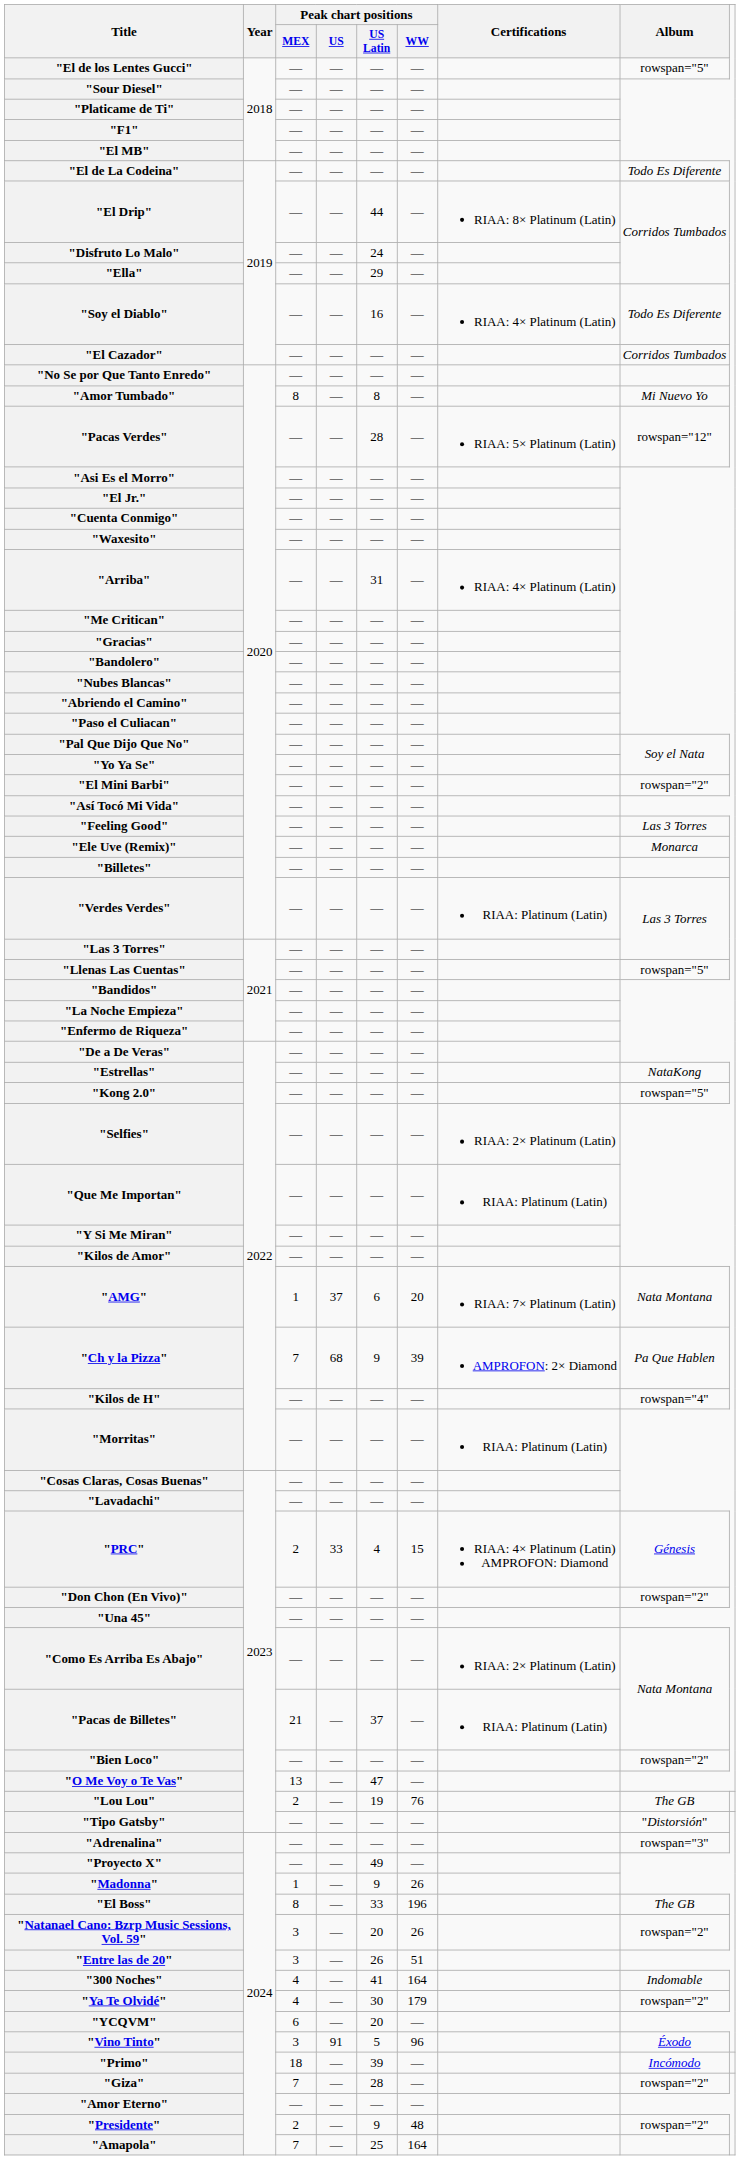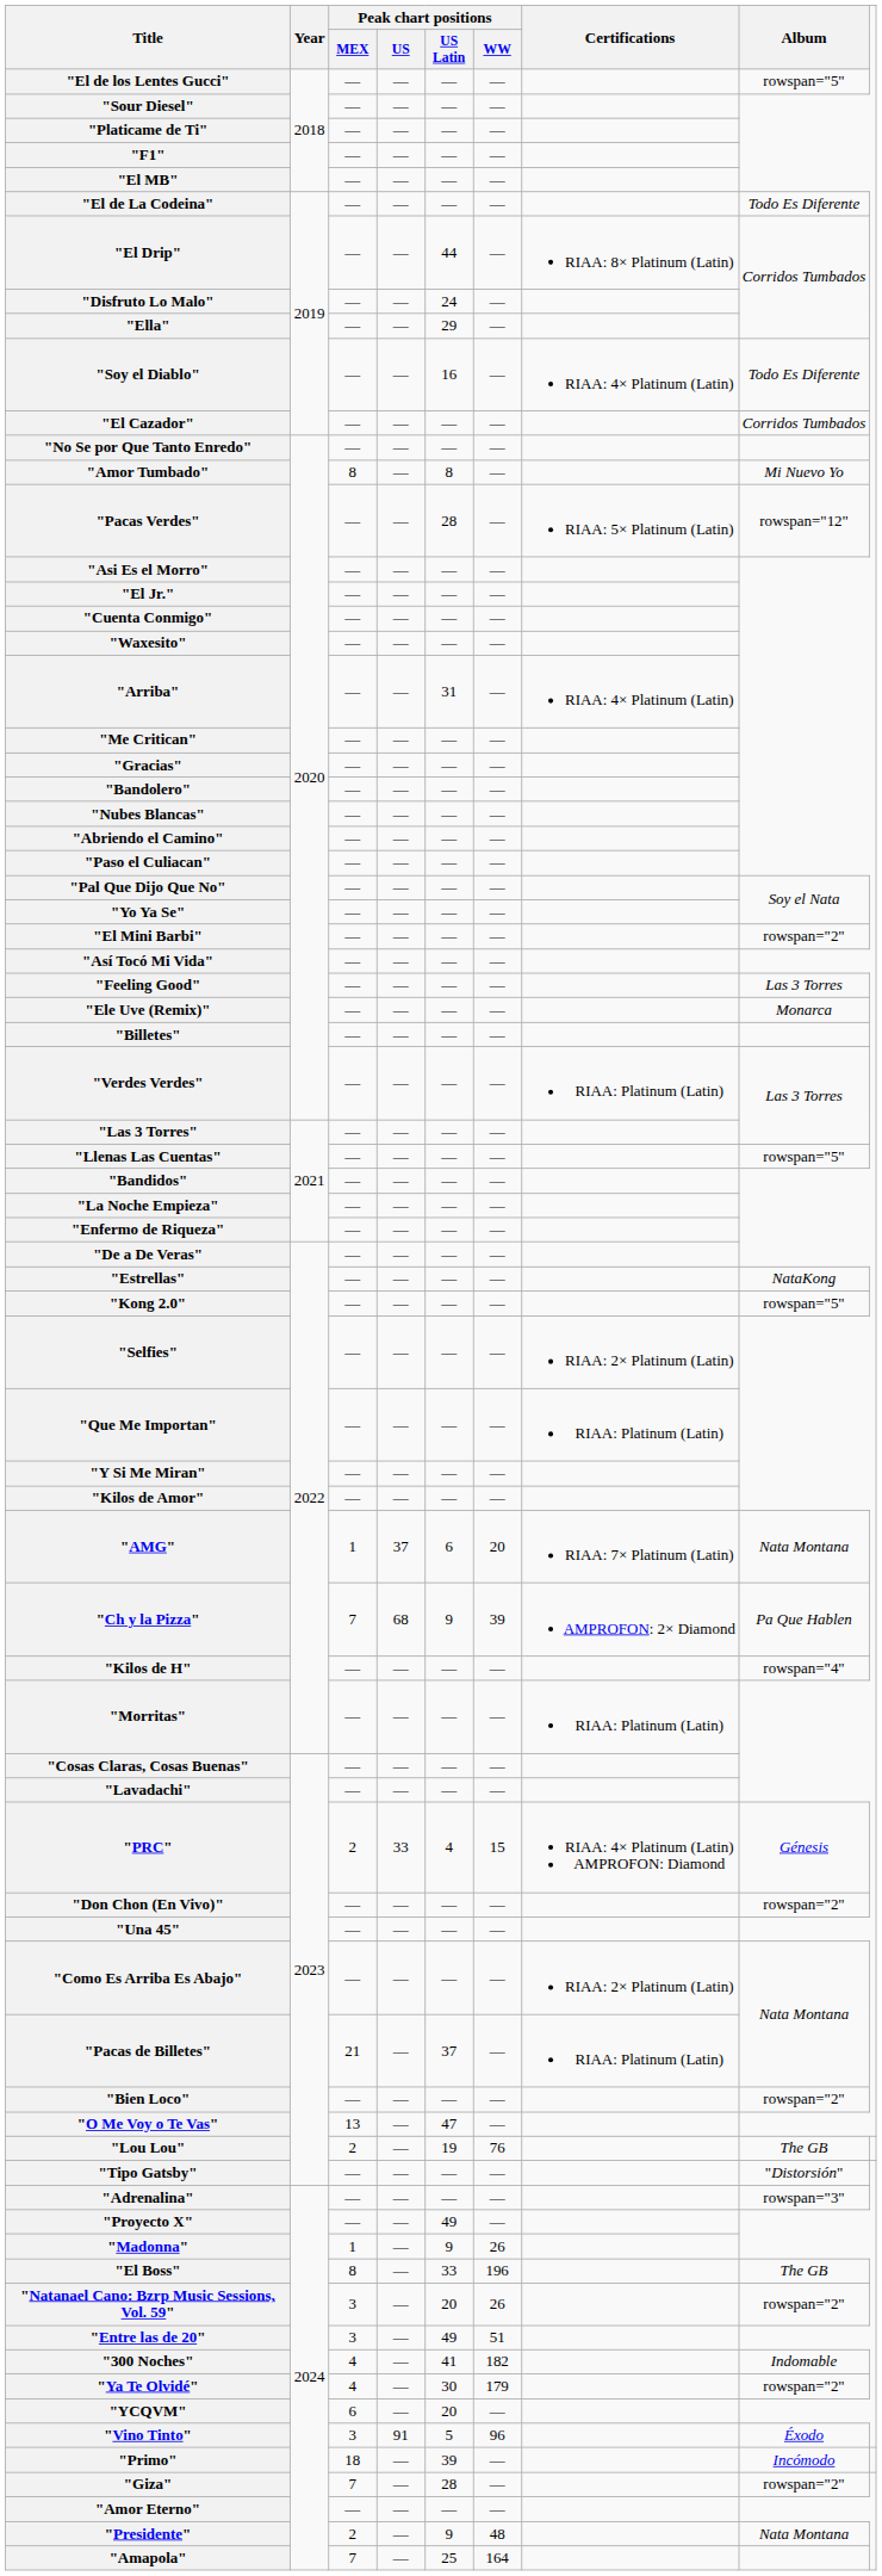 <table class="wikitable plainrowheaders" style="text-align:center;">
 <tr>
 <th scope="col" rowspan="2" style="width:18em;">Title</th>
 <th scope="col" rowspan="2" style="width:1em;">Year</th>
 <th scope="col" colspan="4">Peak chart positions</th>
 <th scope="col" rowspan="2">Certifications</th>
 <th scope="col" rowspan="2">Album</th>
 </tr>
 <tr>
 <th scope="col" style="width:3em;font-size:90%;"><a href='#'>MEX</a><br></th>
 <th scope="col" style="width:3em;font-size:90%;"><a href='#'>US</a><br></th>
 <th scope="col" style="width:3em;font-size:90%;"><a href='#'>US<br>Latin</a><br></th>
 <th scope="col" style="width:3em;font-size:90%;"><a href='#'>WW</a><br></th>
 </tr>
 <tr>
 <th scope="row">"El de los Lentes Gucci"</th>
 <td rowspan="5">2018</td>
 <td>—</td>
 <td>—</td>
 <td>—</td>
 <td>—</td>
 <td></td>
 <td>rowspan="5" </td>
 </tr>
 <tr>
 <th scope="row">"Sour Diesel"</th>
 <td>—</td>
 <td>—</td>
 <td>—</td>
 <td>—</td>
 <td></td>
 </tr>
 <tr>
 <th scope="row">"Platicame de Ti"</th>
 <td>—</td>
 <td>—</td>
 <td>—</td>
 <td>—</td>
 <td></td>
 </tr>
 <tr>
 <th scope="row">"F1"</th>
 <td>—</td>
 <td>—</td>
 <td>—</td>
 <td>—</td>
 <td></td>
 </tr>
 <tr>
 <th scope="row">"El MB"</th>
 <td>—</td>
 <td>—</td>
 <td>—</td>
 <td>—</td>
 <td></td>
 </tr>
 <tr>
 <th scope="row">"El de La Codeina"</th>
 <td rowspan="6">2019</td>
 <td>—</td>
 <td>—</td>
 <td>—</td>
 <td>—</td>
 <td></td>
 <td><em>Todo Es Diferente</em></td>
 </tr>
 <tr>
 <th scope="row">"El Drip"</th>
 <td>—</td>
 <td>—</td>
 <td>44</td>
 <td>—</td>
 <td><br><ul><li>RIAA: 8× Platinum (Latin)</li></ul></td>
 <td rowspan="3"><em>Corridos Tumbados</em></td>
 </tr>
 <tr>
 <th scope="row">"Disfruto Lo Malo"<br></th>
 <td>—</td>
 <td>—</td>
 <td>24</td>
 <td>—</td>
 <td></td>
 </tr>
 <tr>
 <th scope="row">"Ella"<br></th>
 <td>—</td>
 <td>—</td>
 <td>29</td>
 <td>—</td>
 <td></td>
 </tr>
 <tr>
 <th scope="row">"Soy el Diablo"<br></th>
 <td>—</td>
 <td>—</td>
 <td>16</td>
 <td>—</td>
 <td><br><ul><li>RIAA: 4× Platinum (Latin)</li></ul></td>
 <td><em>Todo Es Diferente</em></td>
 </tr>
 <tr>
 <th scope="row">"El Cazador"</th>
 <td>—</td>
 <td>—</td>
 <td>—</td>
 <td>—</td>
 <td></td>
 <td><em>Corridos Tumbados</em></td>
 </tr>
 <tr>
 <th scope="row">"No Se por Que Tanto Enredo"</th>
 <td rowspan="22">2020</td>
 <td>—</td>
 <td>—</td>
 <td>—</td>
 <td>—</td>
 <td></td>
 <td></td>
 </tr>
 <tr>
 <th scope="row">"Amor Tumbado"<br></th>
 <td>8</td>
 <td>—</td>
 <td>8</td>
 <td>—</td>
 <td></td>
 <td><em>Mi Nuevo Yo</em></td>
 </tr>
 <tr>
 <th scope="row">"Pacas Verdes"<br></th>
 <td>—</td>
 <td>—</td>
 <td>28</td>
 <td>—</td>
 <td><br><ul><li>RIAA: 5× Platinum (Latin)</li></ul></td>
 <td>rowspan="12" </td>
 </tr>
 <tr>
 <th scope="row">"Asi Es el Morro"</th>
 <td>—</td>
 <td>—</td>
 <td>—</td>
 <td>—</td>
 <td></td>
 </tr>
 <tr>
 <th scope="row">"El Jr."</th>
 <td>—</td>
 <td>—</td>
 <td>—</td>
 <td>—</td>
 <td></td>
 </tr>
 <tr>
 <th scope="row">"Cuenta Conmigo"<br></th>
 <td>—</td>
 <td>—</td>
 <td>—</td>
 <td>—</td>
 <td></td>
 </tr>
 <tr>
 <th scope="row">"Waxesito"</th>
 <td>—</td>
 <td>—</td>
 <td>—</td>
 <td>—</td>
 <td></td>
 </tr>
 <tr>
 <th scope="row">"Arriba"</th>
 <td>—</td>
 <td>—</td>
 <td>31</td>
 <td>—</td>
 <td><br><ul><li>RIAA: 4× Platinum (Latin)</li></ul></td>
 </tr>
 <tr>
 <th scope="row">"Me Critican"</th>
 <td>—</td>
 <td>—</td>
 <td>—</td>
 <td>—</td>
 <td></td>
 </tr>
 <tr>
 <th scope="row">"Gracias"</th>
 <td>—</td>
 <td>—</td>
 <td>—</td>
 <td>—</td>
 <td></td>
 </tr>
 <tr>
 <th scope="row">"Bandolero"<br></th>
 <td>—</td>
 <td>—</td>
 <td>—</td>
 <td>—</td>
 <td></td>
 </tr>
 <tr>
 <th scope="row">"Nubes Blancas"</th>
 <td>—</td>
 <td>—</td>
 <td>—</td>
 <td>—</td>
 <td></td>
 </tr>
 <tr>
 <th scope="row">"Abriendo el Camino"</th>
 <td>—</td>
 <td>—</td>
 <td>—</td>
 <td>—</td>
 <td></td>
 </tr>
 <tr>
 <th scope="row">"Paso el Culiacan"<br></th>
 <td>—</td>
 <td>—</td>
 <td>—</td>
 <td>—</td>
 <td></td>
 </tr>
 <tr>
 <th scope="row">"Pal Que Dijo Que No"<br></th>
 <td>—</td>
 <td>—</td>
 <td>—</td>
 <td>—</td>
 <td></td>
 <td rowspan="2"><em>Soy el Nata</em></td>
 </tr>
 <tr>
 <th scope="row">"Yo Ya Se"</th>
 <td>—</td>
 <td>—</td>
 <td>—</td>
 <td>—</td>
 <td></td>
 </tr>
 <tr>
 <th scope="row">"El Mini Barbi"</th>
 <td>—</td>
 <td>—</td>
 <td>—</td>
 <td>—</td>
 <td></td>
 <td>rowspan="2" </td>
 </tr>
 <tr>
 <th scope="row">"Así Tocó Mi Vida"<br></th>
 <td>—</td>
 <td>—</td>
 <td>—</td>
 <td>—</td>
 <td></td>
 </tr>
 <tr>
 <th scope="row">"Feeling Good"<br></th>
 <td>—</td>
 <td>—</td>
 <td>—</td>
 <td>—</td>
 <td></td>
 <td><em>Las 3 Torres</em></td>
 </tr>
 <tr>
 <th scope="row">"Ele Uve (Remix)"<br></th>
 <td>—</td>
 <td>—</td>
 <td>—</td>
 <td>—</td>
 <td></td>
 <td><em>Monarca</em></td>
 </tr>
 <tr>
 <th scope="row">"Billetes"<br></th>
 <td>—</td>
 <td>—</td>
 <td>—</td>
 <td>—</td>
 <td></td>
 <td></td>
 </tr>
 <tr>
 <th scope="row">"Verdes Verdes"<br></th>
 <td>—</td>
 <td>—</td>
 <td>—</td>
 <td>—</td>
 <td><br><ul><li>RIAA: Platinum (Latin)</li></ul></td>
 <td rowspan="2"><em>Las 3 Torres</em></td>
 </tr>
 <tr>
 <th scope="row">"Las 3 Torres"<br></th>
 <td rowspan="5">2021</td>
 <td>—</td>
 <td>—</td>
 <td>—</td>
 <td>—</td>
 <td></td>
 </tr>
 <tr>
 <th scope="row">"Llenas Las Cuentas"<br></th>
 <td>—</td>
 <td>—</td>
 <td>—</td>
 <td>—</td>
 <td></td>
 <td>rowspan="5" </td>
 </tr>
 <tr>
 <th scope="row">"Bandidos"<br></th>
 <td>—</td>
 <td>—</td>
 <td>—</td>
 <td>—</td>
 <td></td>
 </tr>
 <tr>
 <th scope="row">"La Noche Empieza"<br></th>
 <td>—</td>
 <td>—</td>
 <td>—</td>
 <td>—</td>
 <td></td>
 </tr>
 <tr>
 <th scope="row">"Enfermo de Riqueza"<br></th>
 <td>—</td>
 <td>—</td>
 <td>—</td>
 <td>—</td>
 <td></td>
 </tr>
 <tr>
 <th scope="row">"De a De Veras"<br></th>
 <td rowspan="11">2022</td>
 <td>—</td>
 <td>—</td>
 <td>—</td>
 <td>—</td>
 <td></td>
 </tr>
 <tr>
 <th scope="row">"Estrellas"</th>
 <td>—</td>
 <td>—</td>
 <td>—</td>
 <td>—</td>
 <td></td>
 <td><em>NataKong</em></td>
 </tr>
 <tr>
 <th scope="row">"Kong 2.0"<br></th>
 <td>—</td>
 <td>—</td>
 <td>—</td>
 <td>—</td>
 <td></td>
 <td>rowspan="5" </td>
 </tr>
 <tr>
 <th scope="row">"Selfies"</th>
 <td>—</td>
 <td>—</td>
 <td>—</td>
 <td>—</td>
 <td><br><ul><li>RIAA: 2× Platinum (Latin)</li></ul></td>
 </tr>
 <tr>
 <th scope="row">"Que Me Importan"<br></th>
 <td>—</td>
 <td>—</td>
 <td>—</td>
 <td>—</td>
 <td><br><ul><li>RIAA: Platinum (Latin)</li></ul></td>
 </tr>
 <tr>
 <th scope="row">"Y Si Me Miran"<br></th>
 <td>—</td>
 <td>—</td>
 <td>—</td>
 <td>—</td>
 <td></td>
 </tr>
 <tr>
 <th scope="row">"Kilos de Amor"<br></th>
 <td>—</td>
 <td>—</td>
 <td>—</td>
 <td>—</td>
 <td></td>
 </tr>
 <tr>
 <th scope="row">"<a href='#'>AMG</a>"<br></th>
 <td>1</td>
 <td>37</td>
 <td>6</td>
 <td>20</td>
 <td><br><ul><li>RIAA: 7× Platinum (Latin)</li></ul></td>
 <td><em>Nata Montana</em></td>
 </tr>
 <tr>
 <th scope="row">"<a href='#'>Ch y la Pizza</a>"<br></th>
 <td>7</td>
 <td>68</td>
 <td>9</td>
 <td>39</td>
 <td><br><ul><li><a href='#'>AMPROFON</a>: 2× Diamond</li></ul></td>
 <td><em>Pa Que Hablen</em></td>
 </tr>
 <tr>
 <th scope="row">"Kilos de H"<br></th>
 <td>—</td>
 <td>—</td>
 <td>—</td>
 <td>—</td>
 <td></td>
 <td>rowspan="4" </td>
 </tr>
 <tr>
 <th scope="row">"Morritas"</th>
 <td>—</td>
 <td>—</td>
 <td>—</td>
 <td>—</td>
 <td><br><ul><li>RIAA: Platinum (Latin)</li></ul></td>
 </tr>
 <tr>
 <th scope="row">"Cosas Claras, Cosas Buenas"<br></th>
 <td rowspan="11">2023</td>
 <td>—</td>
 <td>—</td>
 <td>—</td>
 <td>—</td>
 <td></td>
 </tr>
 <tr>
 <th scope="row">"Lavadachi"<br></th>
 <td>—</td>
 <td>—</td>
 <td>—</td>
 <td>—</td>
 <td></td>
 </tr>
 <tr>
 <th scope="row">"<a href='#'>PRC</a>"<br></th>
 <td>2</td>
 <td>33</td>
 <td>4</td>
 <td>15</td>
 <td><br><ul><li>RIAA: 4× Platinum (Latin)</li><li>AMPROFON: Diamond</li></ul></td>
 <td><em><a href='#'>Génesis</a></em></td>
 </tr>
 <tr>
 <th scope="row">"Don Chon (En Vivo)"<br></th>
 <td>—</td>
 <td>—</td>
 <td>—</td>
 <td>—</td>
 <td></td>
 <td>rowspan="2" </td>
 </tr>
 <tr>
 <th scope="row">"Una 45"<br></th>
 <td>—</td>
 <td>—</td>
 <td>—</td>
 <td>—</td>
 <td></td>
 </tr>
 <tr>
 <th scope="row">"Como Es Arriba Es Abajo"<br></th>
 <td>—</td>
 <td>—</td>
 <td>—</td>
 <td>—</td>
 <td><br><ul><li>RIAA: 2× Platinum (Latin)</li></ul></td>
 <td rowspan="2"><em>Nata Montana</em></td>
 </tr>
 <tr>
 <th scope="row">"Pacas de Billetes"</th>
 <td>21</td>
 <td>—</td>
 <td>37</td>
 <td>—</td>
 <td><br><ul><li>RIAA: Platinum (Latin)</li></ul></td>
 </tr>
 <tr>
 <th scope="row">"Bien Loco"<br></th>
 <td>—</td>
 <td>—</td>
 <td>—</td>
 <td>—</td>
 <td></td>
 <td>rowspan="2" </td>
 </tr>
 <tr>
 <th scope="row">"<a href='#'>O Me Voy o Te Vas</a>"</th>
 <td>13</td>
 <td>—</td>
 <td>47</td>
 <td>—</td>
 <td></td>
 </tr>
 <tr>
 <th scope="row">"Lou Lou"<br></th>
 <td>2</td>
 <td>—</td>
 <td>19</td>
 <td>76</td>
 <td></td>
 <td><em>The GB</em></td>
 <td></td>
 </tr>
 <tr>
 <th scope="row">"Tipo Gatsby"<br></th>
 <td>—</td>
 <td>—</td>
 <td>—</td>
 <td>—</td>
 <td></td>
 <td>"<em>Distorsión</em>"</td>
 </tr>
 <tr>
 <th scope="row">"Adrenalina"<br></th>
 <td rowspan="15">2024</td>
 <td>—</td>
 <td>—</td>
 <td>—</td>
 <td>—</td>
 <td></td>
 <td>rowspan="3" </td>
 </tr>
 <tr>
 <th scope="row">"Proyecto X"<br></th>
 <td>—</td>
 <td>—</td>
 <td>49</td>
 <td>—</td>
 <td></td>
 </tr>
 <tr>
 <th scope="row">"<a href='#'>Madonna</a>"<br></th>
 <td>1</td>
 <td>—</td>
 <td>9</td>
 <td>26</td>
 <td></td>
 </tr>
 <tr>
 <th scope="row">"El Boss"<br></th>
 <td>8</td>
 <td>—</td>
 <td>33</td>
 <td>196</td>
 <td></td>
 <td><em>The GB</em></td>
 </tr>
 <tr>
 <th scope="row">"<a href='#'>Natanael Cano: Bzrp Music Sessions, Vol. 59</a>"<br></th>
 <td>3</td>
 <td>—</td>
 <td>20</td>
 <td>26</td>
 <td></td>
 <td>rowspan="2" </td>
 </tr>
 <tr>
 <th scope="row">"<a href='#'>Entre las de 20</a>"<br></th>
 <td>3</td>
 <td>—</td>
-<td>26</td>
+<td>49</td>
 <td>51</td>
 <td></td>
 </tr>
 <tr>
 <th scope="row">"300 Noches"<br></th>
 <td>4</td>
 <td>—</td>
 <td>41</td>
-<td>164</td>
+<td>182</td>
 <td></td>
 <td><em>Indomable</em></td>
 </tr>
 <tr>
 <th scope="row">"<a href='#'>Ya Te Olvidé</a>"</th>
 <td>4</td>
 <td>—</td>
 <td>30</td>
 <td>179</td>
 <td></td>
 <td>rowspan="2" </td>
 </tr>
 <tr>
 <th scope="row">"YCQVM"<br></th>
 <td>6</td>
 <td>—</td>
 <td>20</td>
 <td>—</td>
 <td></td>
 </tr>
 <tr>
 <th scope="row">"<a href='#'>Vino Tinto</a>"<br></th>
 <td>3</td>
 <td>91</td>
 <td>5</td>
 <td>96</td>
 <td></td>
 <td><em><a href='#'>Éxodo</a></em></td>
 </tr>
 <tr>
 <th scope="row">"Primo"<br></th>
 <td>18</td>
 <td>—</td>
 <td>39</td>
 <td>—</td>
 <td></td>
 <td><em><a href='#'>Incómodo</a></em></td>
 <td></td>
 </tr>
 <tr>
 <th scope="row">"Giza"<br></th>
 <td>7</td>
 <td>—</td>
 <td>28</td>
 <td>—</td>
 <td></td>
 <td>rowspan="2" </td>
 </tr>
 <tr>
 <th scope="row">"Amor Eterno"</th>
 <td>—</td>
 <td>—</td>
 <td>—</td>
 <td>—</td>
 <td></td>
 </tr>
 <tr>
 <th scope="row">"<a href='#'>Presidente</a>"<br></th>
 <td>2</td>
 <td>—</td>
 <td>9</td>
 <td>48</td>
 <td></td>
-<td>rowspan="2" </td>
+<td><em>Nata Montana</em></td>
 </tr>
 <tr>
 <th scope="row">"Amapola"<br></th>
 <td>7</td>
 <td>—</td>
 <td>25</td>
 <td>164</td>
 <td></td>
 <td></td>
 </tr>
 </table>
